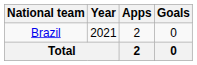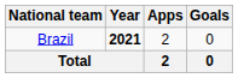 <table class="wikitable" style="text-align: center;">
 <tr>
 <th>National team</th>
 <th>Year</th>
 <th>Apps</th>
 <th>Goals</th>
 </tr>
 <tr>
 <td><a href='#'>Brazil</a></td>
-<td>2021</td>
+<td><strong>2021</strong></td>
 <td>2</td>
 <td>0</td>
 </tr>
 <tr>
 <th colspan=2>Total</th>
 <th>2</th>
 <th>0</th>
 </tr>
 </table>
